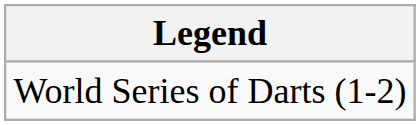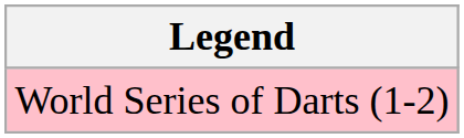 <table class="wikitable">
 <tr>
 <th>Legend</th>
 </tr>
 <tr>
-<td>World Series of Darts (1-2)</td>
+<td style="background: pink;">World Series of Darts (1-2)</td>
 </tr>
 </table>
